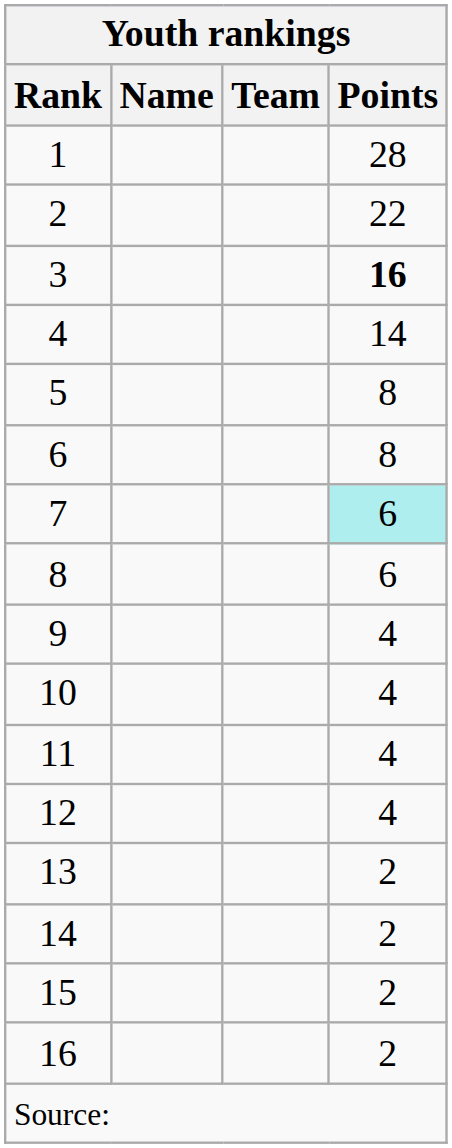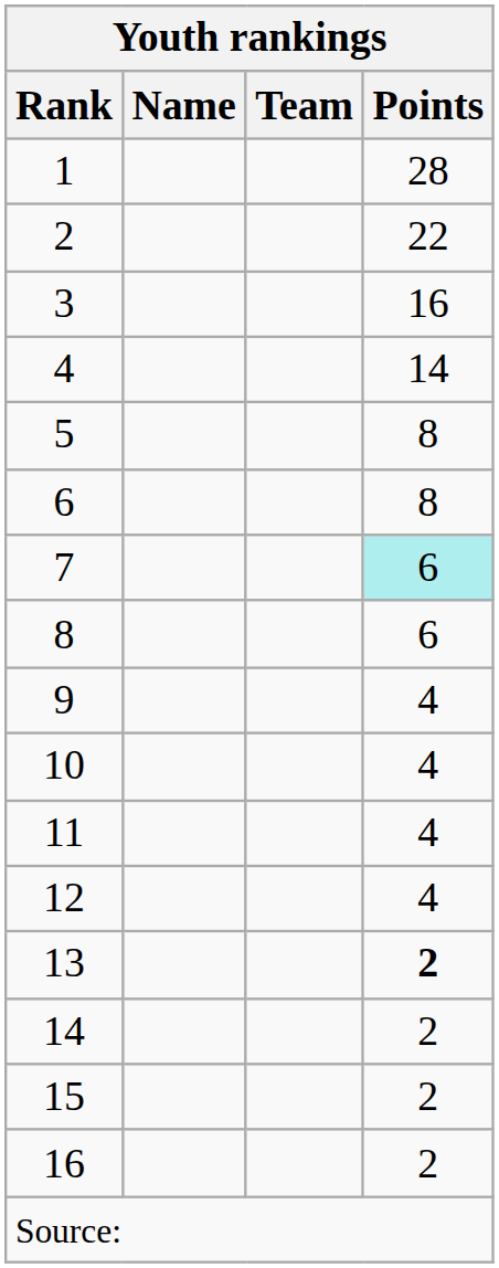 <table class="wikitable">
 <tr style="background:#ccf;">
 <th colspan=4>Youth rankings</th>
 </tr>
 <tr>
 <th>Rank</th>
 <th>Name</th>
 <th>Team</th>
 <th>Points</th>
 </tr>
 <tr>
 <td align=center>1</td>
 <td> </td>
 <td></td>
 <td align=center>28</td>
 </tr>
 <tr>
 <td align=center>2</td>
 <td></td>
 <td></td>
 <td align=center>22</td>
 </tr>
 <tr>
 <td align=center>3</td>
 <td></td>
 <td></td>
-<td align=center><strong>16</strong></td>
+<td align=center>16</td>
 </tr>
 <tr>
 <td align=center>4</td>
 <td></td>
 <td></td>
 <td align=center>14</td>
 </tr>
 <tr>
 <td align=center>5</td>
 <td></td>
 <td></td>
 <td align=center>8</td>
 </tr>
 <tr>
 <td align=center>6</td>
 <td></td>
 <td></td>
 <td align=center>8</td>
 </tr>
 <tr>
 <td align=center>7</td>
 <td></td>
 <td></td>
 <td align=center style="background: paleturquoise;">6</td>
 </tr>
 <tr>
 <td align=center>8</td>
 <td></td>
 <td></td>
 <td align=center>6</td>
 </tr>
 <tr>
 <td align=center>9</td>
 <td></td>
 <td></td>
 <td align=center>4</td>
 </tr>
 <tr>
 <td align=center>10</td>
 <td></td>
 <td></td>
 <td align=center>4</td>
 </tr>
 <tr>
 <td align=center>11</td>
 <td></td>
 <td></td>
 <td align=center>4</td>
 </tr>
 <tr>
 <td align=center>12</td>
 <td></td>
 <td></td>
 <td align=center>4</td>
 </tr>
 <tr>
 <td align=center>13</td>
 <td></td>
 <td></td>
-<td align=center>2</td>
+<td align=center><strong>2</strong></td>
 </tr>
 <tr>
 <td align=center>14</td>
 <td></td>
 <td></td>
 <td align=center>2</td>
 </tr>
 <tr>
 <td align=center>15</td>
 <td></td>
 <td></td>
 <td align=center>2</td>
 </tr>
 <tr>
 <td align=center>16</td>
 <td></td>
 <td></td>
 <td align=center>2</td>
 </tr>
 <tr>
 <td colspan=4><small>Source:</small></td>
 </tr>
 </table>
